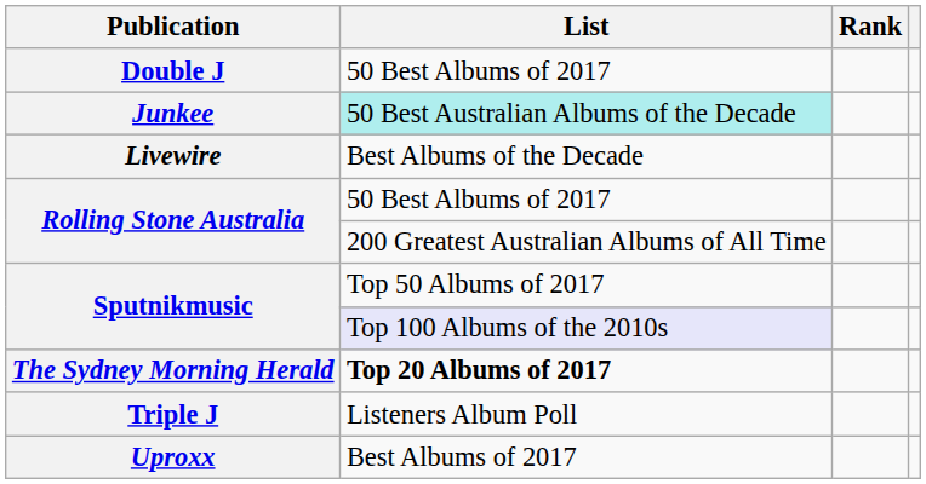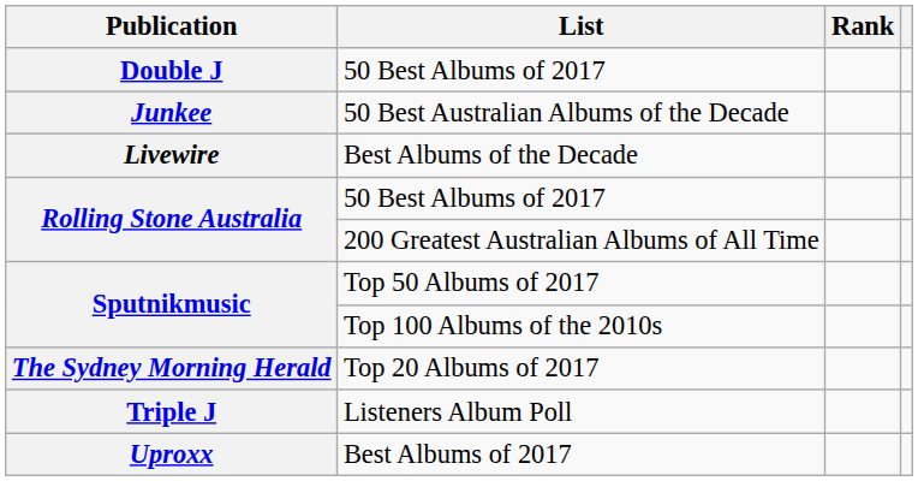 <table class="wikitable sortable plainrowheaders">
 <tr>
 <th>Publication</th>
 <th>List</th>
 <th>Rank</th>
 <th class="unsortable"></th>
 </tr>
 <tr>
 <th scope="row"><a href='#'>Double J</a></th>
 <td>50 Best Albums of 2017</td>
 <td></td>
 <td></td>
 </tr>
 <tr>
 <th scope="row"><em><a href='#'>Junkee</a></em></th>
-<td style="background: paleturquoise;">50 Best Australian Albums of the Decade</td>
+<td>50 Best Australian Albums of the Decade</td>
 <td></td>
 <td></td>
 </tr>
 <tr>
 <th scope="row"><em>Livewire</em></th>
 <td>Best Albums of the Decade</td>
 <td></td>
 <td></td>
 </tr>
 <tr>
 <th rowspan="2" scope="row"><em><a href='#'>Rolling Stone Australia</a></em></th>
 <td>50 Best Albums of 2017</td>
 <td></td>
 <td></td>
 </tr>
 <tr>
 <td>200 Greatest Australian Albums of All Time</td>
 <td></td>
 <td></td>
 </tr>
 <tr>
 <th rowspan="2" scope="row"><a href='#'>Sputnikmusic</a></th>
 <td>Top 50 Albums of 2017</td>
 <td></td>
 <td></td>
 </tr>
 <tr>
-<td style="background: lavender;">Top 100 Albums of the 2010s</td>
+<td>Top 100 Albums of the 2010s</td>
 <td></td>
 <td></td>
 </tr>
 <tr>
 <th scope="row"><em><a href='#'>The Sydney Morning Herald</a></em></th>
-<td><strong>Top 20 Albums of 2017</strong></td>
+<td>Top 20 Albums of 2017</td>
 <td></td>
 <td></td>
 </tr>
 <tr>
 <th scope="row"><a href='#'>Triple J</a></th>
 <td>Listeners Album Poll</td>
 <td></td>
 <td></td>
 </tr>
 <tr>
 <th scope="row"><em><a href='#'>Uproxx</a></em></th>
 <td>Best Albums of 2017</td>
 <td></td>
 <td></td>
 </tr>
 </table>
